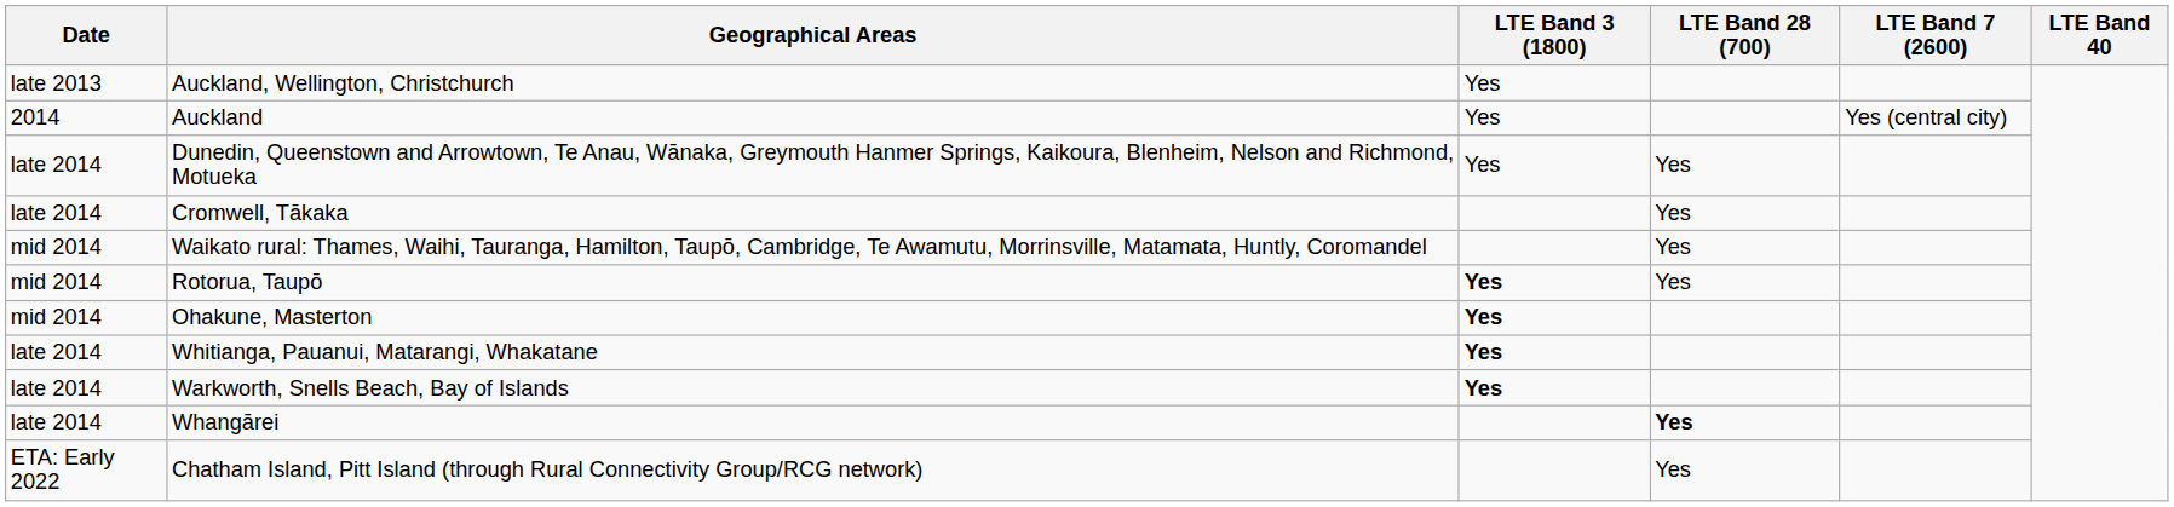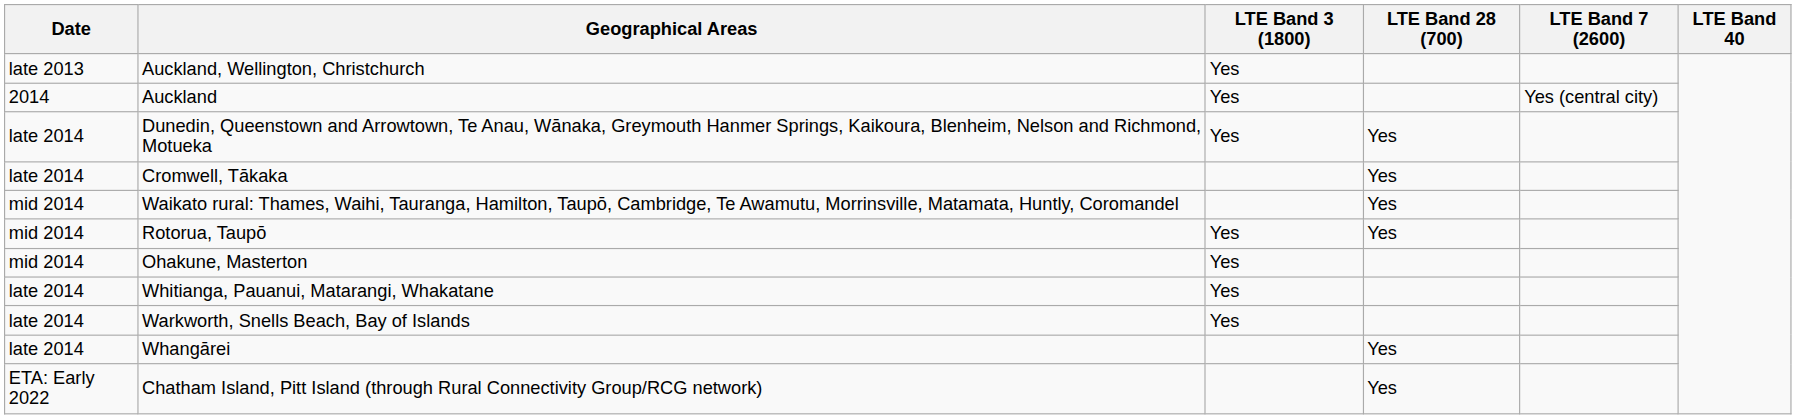 <table class="wikitable">
 <tr>
 <th>Date</th>
 <th>Geographical Areas</th>
 <th>LTE Band 3 (1800)</th>
 <th>LTE Band 28 (700)</th>
 <th>LTE Band 7 (2600)</th>
 <th>LTE Band 40</th>
 </tr>
 <tr>
 <td>late 2013</td>
 <td>Auckland, Wellington, Christchurch</td>
 <td>Yes</td>
 <td></td>
 <td></td>
 </tr>
 <tr>
 <td>2014</td>
 <td>Auckland</td>
 <td>Yes</td>
 <td></td>
 <td>Yes (central city)</td>
 </tr>
 <tr>
 <td>late 2014</td>
 <td>Dunedin, Queenstown and Arrowtown, Te Anau, Wānaka, Greymouth Hanmer Springs, Kaikoura, Blenheim, Nelson and Richmond, Motueka</td>
 <td>Yes</td>
 <td>Yes</td>
 <td></td>
 </tr>
 <tr>
 <td>late 2014</td>
 <td>Cromwell, Tākaka</td>
 <td></td>
 <td>Yes</td>
 <td></td>
 </tr>
 <tr>
 <td>mid 2014</td>
 <td>Waikato rural: Thames, Waihi, Tauranga, Hamilton, Taupō, Cambridge, Te Awamutu, Morrinsville, Matamata, Huntly, Coromandel</td>
 <td></td>
 <td>Yes</td>
 <td></td>
 </tr>
 <tr>
 <td>mid 2014</td>
 <td>Rotorua, Taupō</td>
-<td><strong>Yes</strong></td>
+<td>Yes</td>
 <td>Yes</td>
 <td></td>
 </tr>
 <tr>
 <td>mid 2014</td>
 <td>Ohakune, Masterton</td>
-<td><strong>Yes</strong></td>
+<td>Yes</td>
 <td></td>
 <td></td>
 </tr>
 <tr>
 <td>late 2014</td>
 <td>Whitianga, Pauanui, Matarangi, Whakatane</td>
-<td><strong>Yes</strong></td>
+<td>Yes</td>
 <td></td>
 <td></td>
 </tr>
 <tr>
 <td>late 2014</td>
 <td>Warkworth, Snells Beach, Bay of Islands</td>
-<td><strong>Yes</strong></td>
+<td>Yes</td>
 <td></td>
 <td></td>
 </tr>
 <tr>
 <td>late 2014</td>
 <td>Whangārei</td>
 <td></td>
-<td><strong>Yes</strong></td>
+<td>Yes</td>
 <td></td>
 </tr>
 <tr>
 <td>ETA: Early 2022</td>
 <td>Chatham Island, Pitt Island (through Rural Connectivity Group/RCG network)</td>
 <td></td>
 <td>Yes</td>
 <td></td>
 </tr>
 </table>
